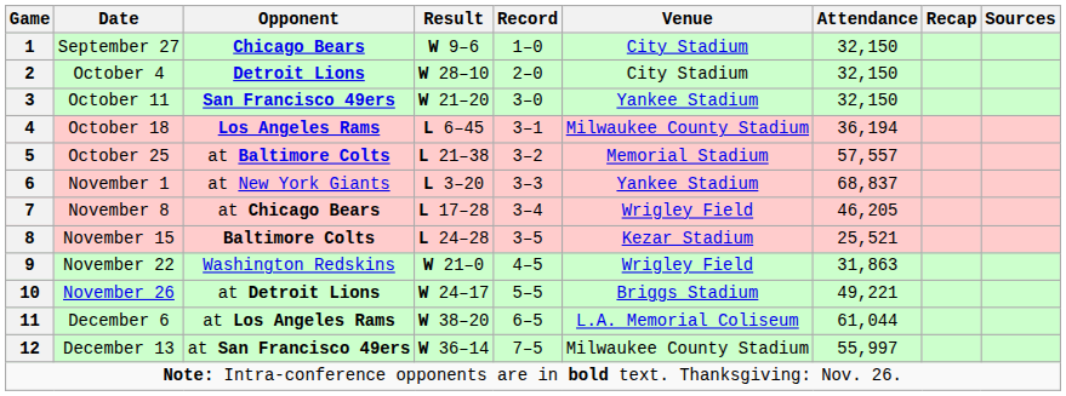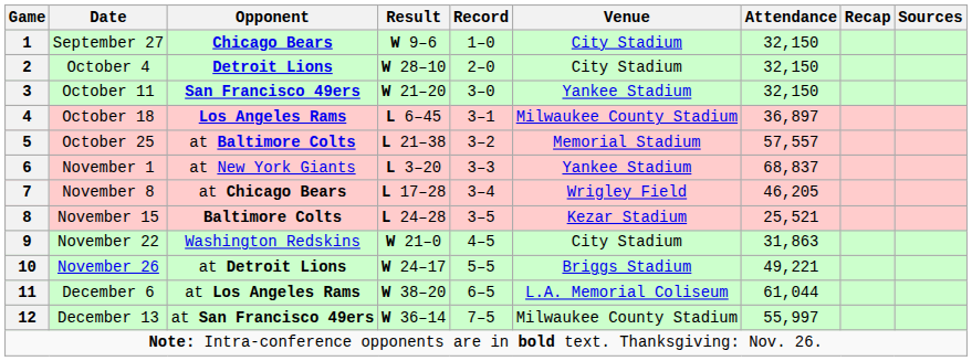 <table class="wikitable" style="text-align:center">
 <tr>
 <th>Game</th>
 <th>Date</th>
 <th>Opponent</th>
 <th>Result</th>
 <th>Record</th>
 <th>Venue</th>
 <th>Attendance</th>
 <th>Recap</th>
 <th>Sources</th>
 </tr>
 <tr style="background:#cfc">
 <th>1</th>
 <td>September 27</td>
 <td><strong><a href='#'>Chicago Bears</a></strong></td>
 <td><strong>W</strong> 9–6</td>
 <td>1–0</td>
 <td><a href='#'>City Stadium</a></td>
 <td>32,150</td>
 <td></td>
 <td></td>
 </tr>
 <tr style="background:#cfc">
 <th>2</th>
 <td>October 4</td>
 <td><strong><a href='#'>Detroit Lions</a></strong></td>
 <td><strong>W</strong> 28–10</td>
 <td>2–0</td>
 <td>City Stadium</td>
 <td>32,150</td>
 <td></td>
 <td></td>
 </tr>
 <tr style="background:#cfc">
 <th>3</th>
 <td>October 11</td>
 <td><strong><a href='#'>San Francisco 49ers</a></strong></td>
 <td><strong>W</strong> 21–20</td>
 <td>3–0</td>
 <td><a href='#'>Yankee Stadium</a></td>
 <td>32,150</td>
 <td></td>
 <td></td>
 </tr>
 <tr style="background:#fcc">
 <th>4</th>
 <td>October 18</td>
 <td><strong><a href='#'>Los Angeles Rams</a></strong></td>
 <td><strong>L</strong> 6–45</td>
 <td>3–1</td>
 <td><a href='#'>Milwaukee County Stadium</a></td>
-<td>36,194</td>
+<td>36,897</td>
 <td></td>
 <td></td>
 </tr>
 <tr style="background:#fcc">
 <th>5</th>
 <td>October 25</td>
 <td>at <strong><a href='#'>Baltimore Colts</a></strong></td>
 <td><strong>L</strong> 21–38</td>
 <td>3–2</td>
 <td><a href='#'>Memorial Stadium</a></td>
 <td>57,557</td>
 <td></td>
 <td></td>
 </tr>
 <tr style="background:#fcc">
 <th>6</th>
 <td>November 1</td>
 <td>at <a href='#'>New York Giants</a></td>
 <td><strong>L</strong> 3–20</td>
 <td>3–3</td>
 <td><a href='#'>Yankee Stadium</a></td>
 <td>68,837</td>
 <td></td>
 <td></td>
 </tr>
 <tr style="background:#fcc">
 <th>7</th>
 <td>November 8</td>
 <td>at <strong>Chicago Bears</strong></td>
 <td><strong>L</strong> 17–28</td>
 <td>3–4</td>
 <td><a href='#'>Wrigley Field</a></td>
 <td>46,205</td>
 <td></td>
 <td></td>
 </tr>
 <tr style="background:#fcc">
 <th>8</th>
 <td>November 15</td>
 <td><strong>Baltimore Colts</strong></td>
 <td><strong>L</strong> 24–28</td>
 <td>3–5</td>
 <td><a href='#'>Kezar Stadium</a></td>
 <td>25,521</td>
 <td></td>
 <td></td>
 </tr>
 <tr style="background:#cfc">
 <th>9</th>
 <td>November 22</td>
 <td><a href='#'>Washington Redskins</a></td>
 <td><strong>W</strong> 21–0</td>
 <td>4–5</td>
-<td><a href='#'>Wrigley Field</a></td>
+<td>City Stadium</td>
 <td>31,863</td>
 <td></td>
 <td></td>
 </tr>
 <tr style="background:#cfc">
 <th>10</th>
 <td><a href='#'>November 26</a></td>
 <td>at <strong>Detroit Lions</strong></td>
 <td><strong>W</strong> 24–17</td>
 <td>5–5</td>
 <td><a href='#'>Briggs Stadium</a></td>
 <td>49,221</td>
 <td></td>
 <td></td>
 </tr>
 <tr style="background:#cfc">
 <th>11</th>
 <td>December 6</td>
 <td>at <strong>Los Angeles Rams</strong></td>
 <td><strong>W</strong> 38–20</td>
 <td>6–5</td>
 <td><a href='#'>L.A. Memorial Coliseum</a></td>
 <td>61,044</td>
 <td></td>
 <td></td>
 </tr>
 <tr style="background:#cfc">
 <th>12</th>
 <td>December 13</td>
 <td>at <strong>San Francisco 49ers</strong></td>
 <td><strong>W</strong> 36–14</td>
 <td>7–5</td>
 <td>Milwaukee County Stadium</td>
 <td>55,997</td>
 <td></td>
 <td></td>
 </tr>
 <tr>
 <td colspan="10"><strong>Note:</strong> Intra-conference opponents are in <strong>bold</strong> text. Thanksgiving: Nov. 26.</td>
 </tr>
 </table>
